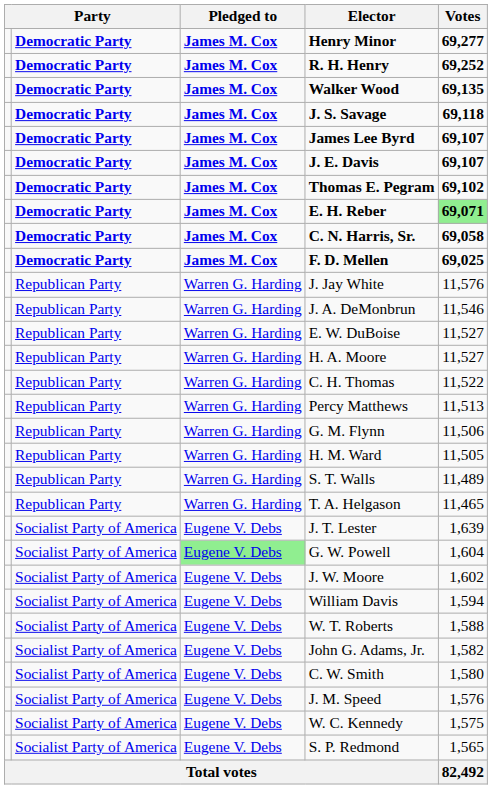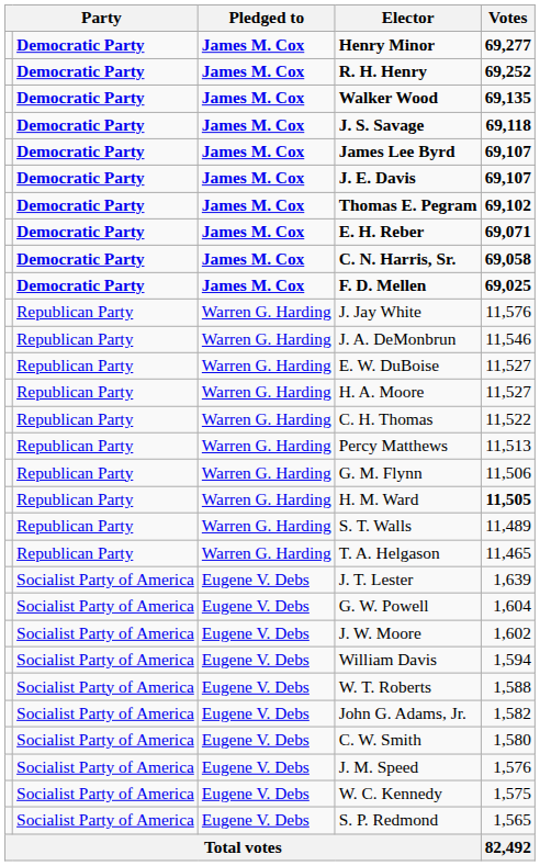 <table class="wikitable">
 <tr>
 <th colspan=2>Party</th>
 <th>Pledged to</th>
 <th>Elector</th>
 <th>Votes</th>
 </tr>
 <tr style="font-weight:bold">
 <td bgcolor=></td>
 <td><a href='#'>Democratic Party</a></td>
 <td><a href='#'>James M. Cox</a></td>
 <td>Henry Minor</td>
 <td align=right>69,277</td>
 </tr>
 <tr style="font-weight:bold">
 <td bgcolor=></td>
 <td><a href='#'>Democratic Party</a></td>
 <td><a href='#'>James M. Cox</a></td>
 <td>R. H. Henry</td>
 <td align=right>69,252</td>
 </tr>
 <tr style="font-weight:bold">
 <td bgcolor=></td>
 <td><a href='#'>Democratic Party</a></td>
 <td><a href='#'>James M. Cox</a></td>
 <td>Walker Wood</td>
 <td align=right>69,135</td>
 </tr>
 <tr style="font-weight:bold">
 <td bgcolor=></td>
 <td><a href='#'>Democratic Party</a></td>
 <td><a href='#'>James M. Cox</a></td>
 <td>J. S. Savage</td>
 <td align=right>69,118</td>
 </tr>
 <tr style="font-weight:bold">
 <td bgcolor=></td>
 <td><a href='#'>Democratic Party</a></td>
 <td><a href='#'>James M. Cox</a></td>
 <td>James Lee Byrd</td>
 <td align=right>69,107</td>
 </tr>
 <tr style="font-weight:bold">
 <td bgcolor=></td>
 <td><a href='#'>Democratic Party</a></td>
 <td><a href='#'>James M. Cox</a></td>
 <td>J. E. Davis</td>
 <td align=right>69,107</td>
 </tr>
 <tr style="font-weight:bold">
 <td bgcolor=></td>
 <td><a href='#'>Democratic Party</a></td>
 <td><a href='#'>James M. Cox</a></td>
 <td>Thomas E. Pegram</td>
 <td align=right>69,102</td>
 </tr>
 <tr style="font-weight:bold">
 <td bgcolor=></td>
 <td><a href='#'>Democratic Party</a></td>
 <td><a href='#'>James M. Cox</a></td>
 <td>E. H. Reber</td>
-<td align=right style="background: lightgreen;">69,071</td>
+<td align=right>69,071</td>
 </tr>
 <tr style="font-weight:bold">
 <td bgcolor=></td>
 <td><a href='#'>Democratic Party</a></td>
 <td><a href='#'>James M. Cox</a></td>
 <td>C. N. Harris, Sr.</td>
 <td align=right>69,058</td>
 </tr>
 <tr style="font-weight:bold">
 <td bgcolor=></td>
 <td><a href='#'>Democratic Party</a></td>
 <td><a href='#'>James M. Cox</a></td>
 <td>F. D. Mellen</td>
 <td align=right>69,025</td>
 </tr>
 <tr>
 <td bgcolor=></td>
 <td><a href='#'>Republican Party</a></td>
 <td><a href='#'>Warren G. Harding</a></td>
 <td>J. Jay White</td>
 <td align=right>11,576</td>
 </tr>
 <tr>
 <td bgcolor=></td>
 <td><a href='#'>Republican Party</a></td>
 <td><a href='#'>Warren G. Harding</a></td>
 <td>J. A. DeMonbrun</td>
 <td align=right>11,546</td>
 </tr>
 <tr>
 <td bgcolor=></td>
 <td><a href='#'>Republican Party</a></td>
 <td><a href='#'>Warren G. Harding</a></td>
 <td>E. W. DuBoise</td>
 <td align=right>11,527</td>
 </tr>
 <tr>
 <td bgcolor=></td>
 <td><a href='#'>Republican Party</a></td>
 <td><a href='#'>Warren G. Harding</a></td>
 <td>H. A. Moore</td>
 <td align=right>11,527</td>
 </tr>
 <tr>
 <td bgcolor=></td>
 <td><a href='#'>Republican Party</a></td>
 <td><a href='#'>Warren G. Harding</a></td>
 <td>C. H. Thomas</td>
 <td align=right>11,522</td>
 </tr>
 <tr>
 <td bgcolor=></td>
 <td><a href='#'>Republican Party</a></td>
 <td><a href='#'>Warren G. Harding</a></td>
 <td>Percy Matthews</td>
 <td align=right>11,513</td>
 </tr>
 <tr>
 <td bgcolor=></td>
 <td><a href='#'>Republican Party</a></td>
 <td><a href='#'>Warren G. Harding</a></td>
 <td>G. M. Flynn</td>
 <td align=right>11,506</td>
 </tr>
 <tr>
 <td bgcolor=></td>
 <td><a href='#'>Republican Party</a></td>
 <td><a href='#'>Warren G. Harding</a></td>
 <td>H. M. Ward</td>
-<td align=right>11,505</td>
+<td align=right><strong>11,505</strong></td>
 </tr>
 <tr>
 <td bgcolor=></td>
 <td><a href='#'>Republican Party</a></td>
 <td><a href='#'>Warren G. Harding</a></td>
 <td>S. T. Walls</td>
 <td align=right>11,489</td>
 </tr>
 <tr>
 <td bgcolor=></td>
 <td><a href='#'>Republican Party</a></td>
 <td><a href='#'>Warren G. Harding</a></td>
 <td>T. A. Helgason</td>
 <td align=right>11,465</td>
 </tr>
 <tr>
 <td bgcolor=></td>
 <td><a href='#'>Socialist Party of America</a></td>
 <td><a href='#'>Eugene V. Debs</a></td>
 <td>J. T. Lester</td>
 <td align=right>1,639</td>
 </tr>
 <tr>
 <td bgcolor=></td>
 <td><a href='#'>Socialist Party of America</a></td>
-<td style="background: lightgreen;"><a href='#'>Eugene V. Debs</a></td>
+<td><a href='#'>Eugene V. Debs</a></td>
 <td>G. W. Powell</td>
 <td align=right>1,604</td>
 </tr>
 <tr>
 <td bgcolor=></td>
 <td><a href='#'>Socialist Party of America</a></td>
 <td><a href='#'>Eugene V. Debs</a></td>
 <td>J. W. Moore</td>
 <td align=right>1,602</td>
 </tr>
 <tr>
 <td bgcolor=></td>
 <td><a href='#'>Socialist Party of America</a></td>
 <td><a href='#'>Eugene V. Debs</a></td>
 <td>William Davis</td>
 <td align=right>1,594</td>
 </tr>
 <tr>
 <td bgcolor=></td>
 <td><a href='#'>Socialist Party of America</a></td>
 <td><a href='#'>Eugene V. Debs</a></td>
 <td>W. T. Roberts</td>
 <td align=right>1,588</td>
 </tr>
 <tr>
 <td bgcolor=></td>
 <td><a href='#'>Socialist Party of America</a></td>
 <td><a href='#'>Eugene V. Debs</a></td>
 <td>John G. Adams, Jr.</td>
 <td align=right>1,582</td>
 </tr>
 <tr>
 <td bgcolor=></td>
 <td><a href='#'>Socialist Party of America</a></td>
 <td><a href='#'>Eugene V. Debs</a></td>
 <td>C. W. Smith</td>
 <td align=right>1,580</td>
 </tr>
 <tr>
 <td bgcolor=></td>
 <td><a href='#'>Socialist Party of America</a></td>
 <td><a href='#'>Eugene V. Debs</a></td>
 <td>J. M. Speed</td>
 <td align=right>1,576</td>
 </tr>
 <tr>
 <td bgcolor=></td>
 <td><a href='#'>Socialist Party of America</a></td>
 <td><a href='#'>Eugene V. Debs</a></td>
 <td>W. C. Kennedy</td>
 <td align=right>1,575</td>
 </tr>
 <tr>
 <td bgcolor=></td>
 <td><a href='#'>Socialist Party of America</a></td>
 <td><a href='#'>Eugene V. Debs</a></td>
 <td>S. P. Redmond</td>
 <td align=right>1,565</td>
 </tr>
 <tr>
 <th colspan=4>Total votes</th>
 <th>82,492</th>
 </tr>
 </table>
